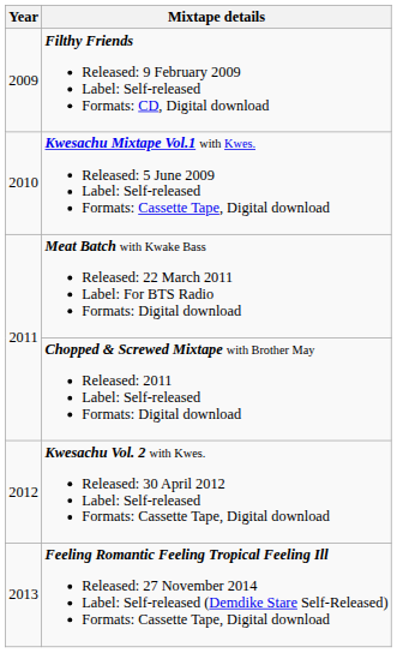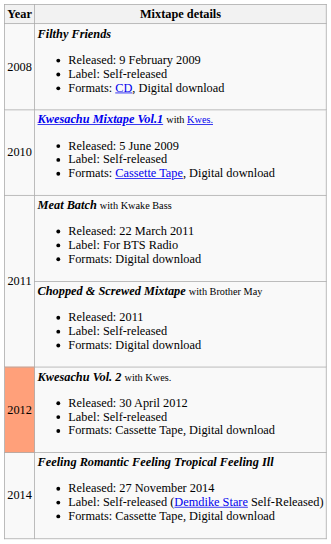 <table class="wikitable" style="text-align:center;">
 <tr>
 <th>Year</th>
 <th>Mixtape details</th>
 </tr>
 <tr>
-<td>2009</td>
+<td>2008</td>
 <td align="left"><strong><em>Filthy Friends</em></strong><br><ul><li>Released: 9 February 2009</li><li>Label: Self-released</li><li>Formats: <a href='#'>CD</a>, Digital download</li></ul></td>
 </tr>
 <tr>
 <td>2010</td>
 <td align="left"><strong><em><a href='#'>Kwesachu Mixtape Vol.1</a></em></strong> <small>with <a href='#'>Kwes.</a></small><br><ul><li>Released: 5 June 2009</li><li>Label: Self-released</li><li>Formats: <a href='#'>Cassette Tape</a>, Digital download</li></ul></td>
 </tr>
 <tr>
 <td rowspan="2">2011</td>
 <td align="left"><strong><em>Meat Batch</em></strong> <small>with Kwake Bass</small><br><ul><li>Released: 22 March 2011</li><li>Label: For BTS Radio</li><li>Formats: Digital download</li></ul></td>
 </tr>
 <tr>
 <td align="left"><strong><em>Chopped & Screwed Mixtape</em></strong> <small>with Brother May</small><br><ul><li>Released: 2011</li><li>Label: Self-released</li><li>Formats: Digital download</li></ul></td>
 </tr>
 <tr>
-<td>2012</td>
+<td style="background: lightsalmon;">2012</td>
 <td align="left"><strong><em>Kwesachu Vol. 2</em></strong> <small>with Kwes.</small><br><ul><li>Released: 30 April 2012</li><li>Label: Self-released</li><li>Formats: Cassette Tape, Digital download</li></ul></td>
 </tr>
 <tr>
-<td>2013</td>
+<td>2014</td>
 <td align="left"><strong><em>Feeling Romantic Feeling Tropical Feeling Ill</em></strong><br><ul><li>Released: 27 November 2014</li><li>Label: Self-released (<a href='#'>Demdike Stare</a> Self-Released)</li><li>Formats: Cassette Tape, Digital download</li></ul></td>
 </tr>
 </table>
